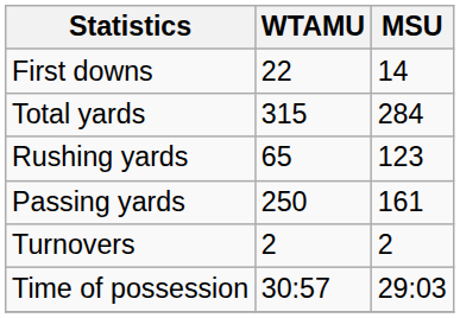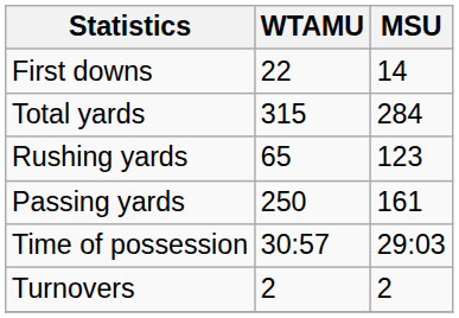 <table class="wikitable">
 <tr>
 <th>Statistics</th>
 <th>WTAMU</th>
 <th>MSU</th>
 </tr>
 <tr>
 <td>First downs</td>
 <td>22</td>
 <td>14</td>
 </tr>
 <tr>
 <td>Total yards</td>
 <td>315</td>
 <td>284</td>
 </tr>
 <tr>
 <td>Rushing yards</td>
 <td>65</td>
 <td>123</td>
 </tr>
 <tr>
 <td>Passing yards</td>
 <td>250</td>
 <td>161</td>
 </tr>
 <tr>
+<td>Time of possession</td>
+<td>30:57</td>
+<td>29:03</td>
+</tr>
+<tr>
 <td>Turnovers</td>
 <td>2</td>
 <td>2</td>
 </tr>
 <tr>
-<td>Time of possession</td>
-<td>30:57</td>
-<td>29:03</td>
-</tr>
-<tr>
 </tr>
 </table>
